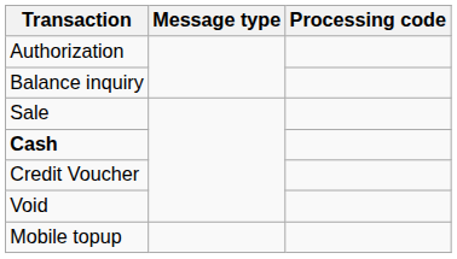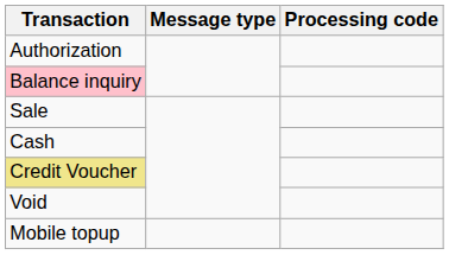 <table class="wikitable">
 <tr>
 <th>Transaction</th>
 <th>Message type</th>
 <th>Processing code</th>
 </tr>
 <tr>
 <td>Authorization</td>
 <td rowspan=2></td>
 <td></td>
 </tr>
 <tr>
-<td>Balance inquiry</td>
+<td style="background: pink;">Balance inquiry</td>
 <td></td>
 </tr>
 <tr>
 <td>Sale</td>
 <td rowspan=4></td>
 <td></td>
 </tr>
 <tr>
-<td><strong>Cash</strong></td>
+<td>Cash</td>
 <td></td>
 </tr>
 <tr>
-<td>Credit Voucher</td>
+<td style="background: khaki;">Credit Voucher</td>
 <td></td>
 </tr>
 <tr>
 <td>Void</td>
 <td></td>
 </tr>
 <tr>
 <td>Mobile topup</td>
 <td></td>
 </tr>
 </table>
